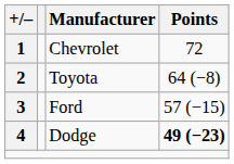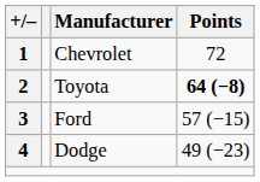 <table class="wikitable" style="font-size: 95%;">
 <tr>
 <th scope="col">+/–</th>
 <th scope="col"></th>
 <th scope="col">Manufacturer</th>
 <th scope="col">Points</th>
 </tr>
 <tr>
 <th scope="row">1</th>
 <td></td>
 <td>Chevrolet</td>
 <td style="text-align:center;">72</td>
 </tr>
 <tr>
 <th scope="row">2</th>
 <td></td>
 <td>Toyota</td>
-<td style="text-align:center;">64 (−8)</td>
+<td style="text-align:center;"><strong>64 (−8)</strong></td>
 </tr>
 <tr>
 <th scope="row">3</th>
 <td></td>
 <td>Ford</td>
 <td style="text-align:center;">57 (−15)</td>
 </tr>
 <tr>
 <th scope="row">4</th>
 <td></td>
 <td>Dodge</td>
-<td style="text-align:center;"><strong>49 (−23)</strong></td>
+<td style="text-align:center;">49 (−23)</td>
 </tr>
 <tr class="sortbottom">
 <td colspan="9"></td>
 </tr>
 </table>
